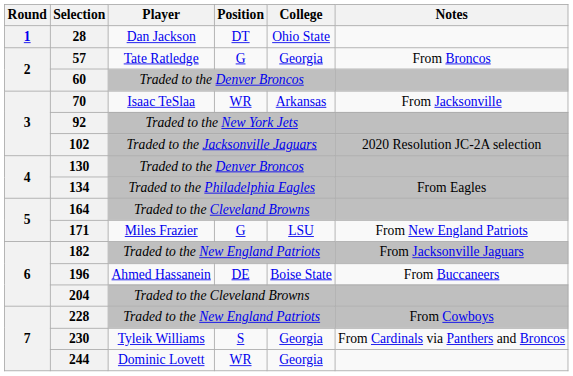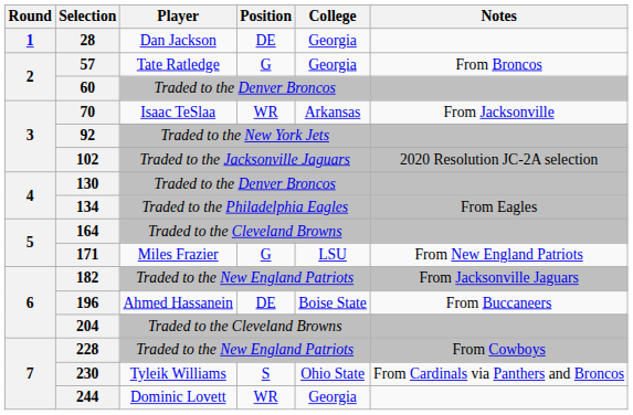 <table class="wikitable" style="text-align:center">
 <tr>
 <th>Round</th>
 <th>Selection</th>
 <th>Player</th>
 <th>Position</th>
 <th>College</th>
 <th>Notes</th>
 </tr>
 <tr>
 <th><a href='#'>1</a></th>
 <th>28</th>
 <td><a href='#'>Dan Jackson</a></td>
-<td><a href='#'>DT</a></td>
-<td><a href='#'>Ohio State</a></td>
+<td><a href='#'>DE</a></td>
+<td><a href='#'>Georgia</a></td>
 <td></td>
 </tr>
 <tr>
 <th rowspan="2">2</th>
 <th>57</th>
 <td><a href='#'>Tate Ratledge</a></td>
 <td><a href='#'>G</a></td>
 <td><a href='#'>Georgia</a></td>
 <td>From <a href='#'>Broncos</a></td>
 </tr>
 <tr>
 <th>60</th>
 <td colspan="3" style="background:#BFBFBF"><em>Traded to the <a href='#'>Denver Broncos</a></em></td>
 <td style="background:#BFBFBF"></td>
 </tr>
 <tr>
 <th rowspan=3>3</th>
 <th>70</th>
 <td><a href='#'>Isaac TeSlaa</a></td>
 <td><a href='#'>WR</a></td>
 <td><a href='#'>Arkansas</a></td>
 <td>From <a href='#'>Jacksonville</a></td>
 </tr>
 <tr>
 <th>92</th>
 <td colspan="3" style="background:#BFBFBF"><em>Traded to the <a href='#'>New York Jets</a></em></td>
 <td style="background:#BFBFBF"></td>
 </tr>
 <tr>
 <th>102</th>
 <td colspan="3" style="background:#BFBFBF"><em>Traded to the <a href='#'>Jacksonville Jaguars</a></em></td>
 <td style="background:#BFBFBF">2020 Resolution JC-2A selection</td>
 </tr>
 <tr>
 <th rowspan="2">4</th>
 <th>130</th>
 <td colspan="3" style="background:#BFBFBF"><em>Traded to the <a href='#'>Denver Broncos</a></em></td>
 <td style="background:#BFBFBF"></td>
 </tr>
 <tr>
 <th>134</th>
 <td colspan="3" style="background:#BFBFBF"><em>Traded to the <a href='#'>Philadelphia Eagles</a></em></td>
 <td style="background:#BFBFBF">From Eagles</td>
 </tr>
 <tr>
 <th rowspan="2">5</th>
 <th>164</th>
 <td colspan="3" style="background:#BFBFBF"><em>Traded to the <a href='#'>Cleveland Browns</a></em></td>
 <td style="background:#BFBFBF"></td>
 </tr>
 <tr>
 <th>171</th>
 <td><a href='#'>Miles Frazier</a></td>
 <td><a href='#'>G</a></td>
 <td><a href='#'>LSU</a></td>
 <td>From <a href='#'>New England Patriots</a></td>
 </tr>
 <tr>
 <th rowspan="3">6</th>
 <th>182</th>
 <td colspan="3" style="background:#BFBFBF"><em>Traded to the <a href='#'>New England Patriots</a></em></td>
 <td style="background:#BFBFBF">From <a href='#'>Jacksonville Jaguars</a></td>
 </tr>
 <tr>
 <th>196</th>
 <td><a href='#'>Ahmed Hassanein</a></td>
 <td><a href='#'>DE</a></td>
 <td><a href='#'>Boise State</a></td>
 <td>From <a href='#'>Buccaneers</a></td>
 </tr>
 <tr>
 <th>204</th>
 <td colspan="3" style="background:#BFBFBF"><em>Traded to the Cleveland Browns</em></td>
 <td style="background:#BFBFBF"></td>
 </tr>
 <tr>
 <th rowspan="3">7</th>
 <th>228</th>
 <td colspan="3" style="background:#BFBFBF"><em>Traded to the <a href='#'>New England Patriots</a></em></td>
 <td style="background:#BFBFBF">From <a href='#'>Cowboys</a></td>
 </tr>
 <tr>
 <th>230</th>
 <td><a href='#'>Tyleik Williams</a></td>
 <td><a href='#'>S</a></td>
-<td><a href='#'>Georgia</a></td>
+<td><a href='#'>Ohio State</a></td>
 <td>From <a href='#'>Cardinals</a> via <a href='#'>Panthers</a> and <a href='#'>Broncos</a></td>
 </tr>
 <tr>
 <th>244</th>
 <td><a href='#'>Dominic Lovett</a></td>
 <td><a href='#'>WR</a></td>
 <td><a href='#'>Georgia</a></td>
 <td></td>
 </tr>
 </table>
